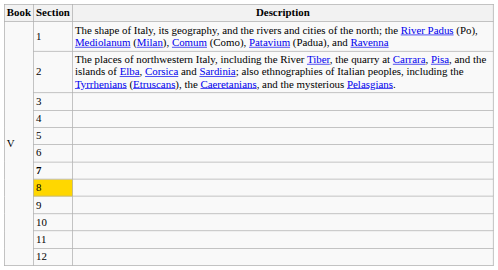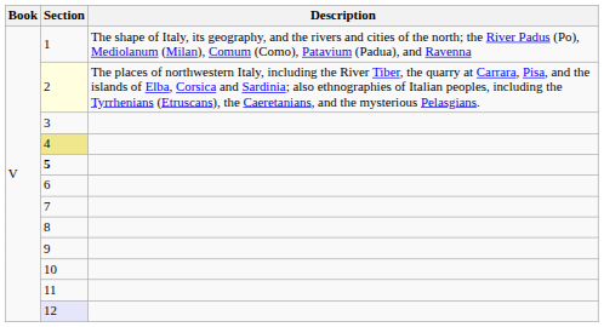 <table class="wikitable" style="max-width:45em;">
 <tr>
 <th>Book</th>
 <th>Section</th>
 <th>Description</th>
 </tr>
 <tr>
 <td rowspan="15">V</td>
 <td>1</td>
 <td>The shape of Italy, its geography, and the rivers and cities of the north; the <a href='#'>River Padus</a> (Po), <a href='#'>Mediolanum</a> (<a href='#'>Milan</a>), <a href='#'>Comum</a> (Como), <a href='#'>Patavium</a> (Padua), and <a href='#'>Ravenna</a></td>
 </tr>
 <tr>
-<td>2</td>
+<td style="background: lightyellow;">2</td>
 <td>The places of northwestern Italy, including the River <a href='#'>Tiber</a>, the quarry at <a href='#'>Carrara</a>, <a href='#'>Pisa</a>, and the islands of <a href='#'>Elba</a>, <a href='#'>Corsica</a> and <a href='#'>Sardinia</a>; also ethnographies of Italian peoples, including the <a href='#'>Tyrrhenians</a> (<a href='#'>Etruscans</a>), the <a href='#'>Caeretanians</a>, and the mysterious <a href='#'>Pelasgians</a>.</td>
 </tr>
 <tr>
 <td>3</td>
 <td></td>
 </tr>
 <tr>
-<td>4</td>
+<td style="background: khaki;">4</td>
 <td></td>
 </tr>
 <tr>
-<td>5</td>
+<td><strong>5</strong></td>
 <td></td>
 </tr>
 <tr>
 <td>6</td>
 <td></td>
 </tr>
 <tr>
-<td><strong>7</strong></td>
+<td>7</td>
 <td></td>
 </tr>
 <tr>
-<td style="background: gold;">8</td>
+<td>8</td>
 <td></td>
 </tr>
 <tr>
 <td>9</td>
 <td></td>
 </tr>
 <tr>
 <td>10</td>
 <td></td>
 </tr>
 <tr>
 <td>11</td>
 <td></td>
 </tr>
 <tr>
-<td>12</td>
+<td style="background: lavender;">12</td>
 <td></td>
 </tr>
 </table>
